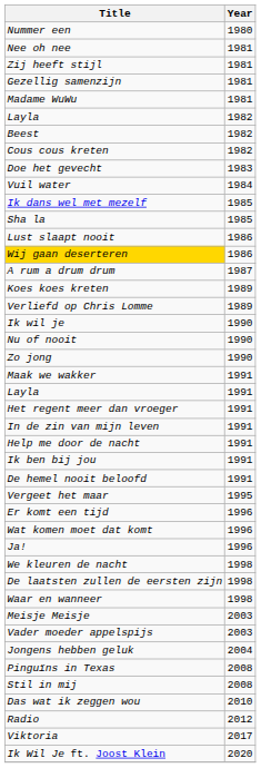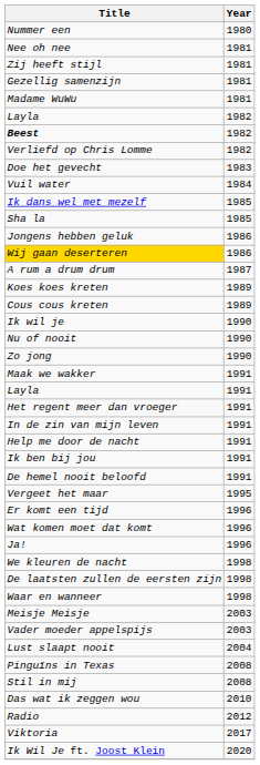 <table class="wikitable">
 <tr>
 <th>Title</th>
 <th>Year</th>
 </tr>
 <tr>
 <td><em>Nummer een</em></td>
 <td>1980</td>
 </tr>
 <tr>
 <td><em>Nee oh nee</em></td>
 <td>1981</td>
 </tr>
 <tr>
 <td><em>Zij heeft stijl</em></td>
 <td>1981</td>
 </tr>
 <tr>
 <td><em>Gezellig samenzijn</em></td>
 <td>1981</td>
 </tr>
 <tr>
 <td><em>Madame WuWu</em></td>
 <td>1981</td>
 </tr>
 <tr>
 <td><em>Layla</em></td>
 <td>1982</td>
 </tr>
 <tr>
-<td><em>Beest</em></td>
+<td><strong><em>Beest</em></strong></td>
 <td>1982</td>
 </tr>
 <tr>
-<td><em>Cous cous kreten</em></td>
+<td><em>Verliefd op Chris Lomme</em></td>
 <td>1982</td>
 </tr>
 <tr>
 <td><em>Doe het gevecht</em></td>
 <td>1983</td>
 </tr>
 <tr>
 <td><em>Vuil water</em></td>
 <td>1984</td>
 </tr>
 <tr>
 <td><em><a href='#'>Ik dans wel met mezelf</a></em></td>
 <td>1985</td>
 </tr>
 <tr>
 <td><em>Sha la</em></td>
 <td>1985</td>
 </tr>
 <tr>
-<td><em>Lust slaapt nooit</em></td>
+<td><em>Jongens hebben geluk</em></td>
 <td>1986</td>
 </tr>
 <tr>
 <td style="background: gold;"><em>Wij gaan deserteren</em></td>
 <td>1986</td>
 </tr>
 <tr>
 <td><em>A rum a drum drum</em></td>
 <td>1987</td>
 </tr>
 <tr>
 <td><em>Koes koes kreten</em></td>
 <td>1989</td>
 </tr>
 <tr>
-<td><em>Verliefd op Chris Lomme</em></td>
+<td><em>Cous cous kreten</em></td>
 <td>1989</td>
 </tr>
 <tr>
 <td><em>Ik wil je</em></td>
 <td>1990</td>
 </tr>
 <tr>
 <td><em>Nu of nooit</em></td>
 <td>1990</td>
 </tr>
 <tr>
 <td><em>Zo jong</em></td>
 <td>1990</td>
 </tr>
 <tr>
 <td><em>Maak we wakker</em></td>
 <td>1991</td>
 </tr>
 <tr>
 <td><em>Layla</em></td>
 <td>1991</td>
 </tr>
 <tr>
 <td><em>Het regent meer dan vroeger</em></td>
 <td>1991</td>
 </tr>
 <tr>
 <td><em>In de zin van mijn leven</em></td>
 <td>1991</td>
 </tr>
 <tr>
 <td><em>Help me door de nacht</em></td>
 <td>1991</td>
 </tr>
 <tr>
 <td><em>Ik ben bij jou</em></td>
 <td>1991</td>
 </tr>
 <tr>
 <td><em>De hemel nooit beloofd</em></td>
 <td>1991</td>
 </tr>
 <tr>
 <td><em>Vergeet het maar</em></td>
 <td>1995</td>
 </tr>
 <tr>
 <td><em>Er komt een tijd</em></td>
 <td>1996</td>
 </tr>
 <tr>
 <td><em>Wat komen moet dat komt</em></td>
 <td>1996</td>
 </tr>
 <tr>
 <td><em>Ja!</em></td>
 <td>1996</td>
 </tr>
 <tr>
 <td><em>We kleuren de nacht</em></td>
 <td>1998</td>
 </tr>
 <tr>
 <td><em>De laatsten zullen de eersten zijn</em></td>
 <td>1998</td>
 </tr>
 <tr>
 <td><em>Waar en wanneer</em></td>
 <td>1998</td>
 </tr>
 <tr>
 <td><em>Meisje Meisje</em></td>
 <td>2003</td>
 </tr>
 <tr>
 <td><em>Vader moeder appelspijs</em></td>
 <td>2003</td>
 </tr>
 <tr>
-<td><em>Jongens hebben geluk</em></td>
+<td><em>Lust slaapt nooit</em></td>
 <td>2004</td>
 </tr>
 <tr>
 <td><em>Pinguïns in Texas</em></td>
 <td>2008</td>
 </tr>
 <tr>
 <td><em>Stil in mij</em></td>
 <td>2008</td>
 </tr>
 <tr>
 <td><em>Das wat ik zeggen wou</em></td>
 <td>2010</td>
 </tr>
 <tr>
 <td><em>Radio</em></td>
 <td>2012</td>
 </tr>
 <tr>
 <td><em>Viktoria</em></td>
 <td>2017</td>
 </tr>
 <tr>
 <td><em>Ik Wil Je</em> ft. <a href='#'>Joost Klein</a></td>
 <td>2020</td>
 </tr>
 <tr>
 </tr>
 </table>
